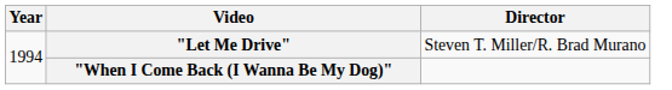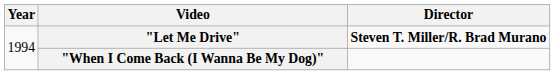 <table class="wikitable plainrowheaders">
 <tr>
 <th>Year</th>
 <th style="width:22em;">Video</th>
 <th>Director</th>
 </tr>
 <tr>
 <td rowspan="2">1994</td>
 <th scope="row">"Let Me Drive"</th>
-<td>Steven T. Miller/R. Brad Murano</td>
+<td><strong>Steven T. Miller/R. Brad Murano</strong></td>
 </tr>
 <tr>
 <th scope="row">"When I Come Back (I Wanna Be My Dog)"</th>
 <td></td>
 </tr>
 </table>
